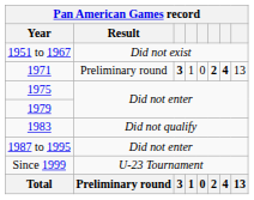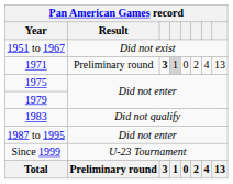 <table class="wikitable" style="text-align:center">
 <tr>
 <th colspan=8><a href='#'>Pan American Games</a> record</th>
 </tr>
 <tr>
 <th>Year</th>
 <th>Result</th>
 <th></th>
 <th></th>
 <th></th>
 <th></th>
 <th></th>
 <th></th>
 </tr>
 <tr>
 <td> <a href='#'>1951</a> to  <a href='#'>1967</a></td>
 <td colspan=7><em>Did not exist</em></td>
 </tr>
 <tr>
 <td> <a href='#'>1971</a></td>
 <td>Preliminary round</td>
 <td><strong>3</strong></td>
-<td>1</td>
+<td style="background: lightgrey;">1</td>
 <td>0</td>
-<td><strong>2</strong></td>
-<td><strong>4</strong></td>
+<td>2</td>
+<td>4</td>
 <td>13</td>
 </tr>
 <tr>
 <td> <a href='#'>1975</a></td>
 <td colspan=7 rowspan=2><em>Did not enter</em></td>
 </tr>
 <tr>
 <td> <a href='#'>1979</a></td>
 </tr>
 <tr>
 <td> <a href='#'>1983</a></td>
 <td colspan=7><em>Did not qualify</em></td>
 </tr>
 <tr>
 <td> <a href='#'>1987</a> to  <a href='#'>1995</a></td>
 <td colspan=7><em>Did not enter</em></td>
 </tr>
 <tr>
 <td> Since <a href='#'>1999</a></td>
 <td colspan=7><em>U-23 Tournament</em></td>
 </tr>
 <tr>
 <th>Total</th>
 <th>Preliminary round</th>
 <th>3</th>
 <th>1</th>
 <th>0</th>
 <th>2</th>
 <th>4</th>
 <th>13</th>
 </tr>
 </table>
